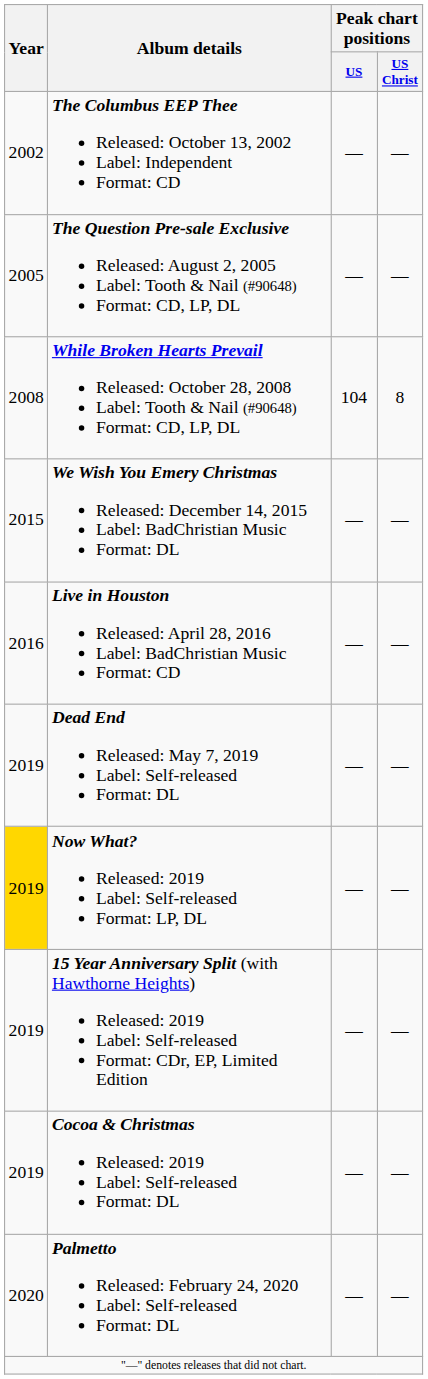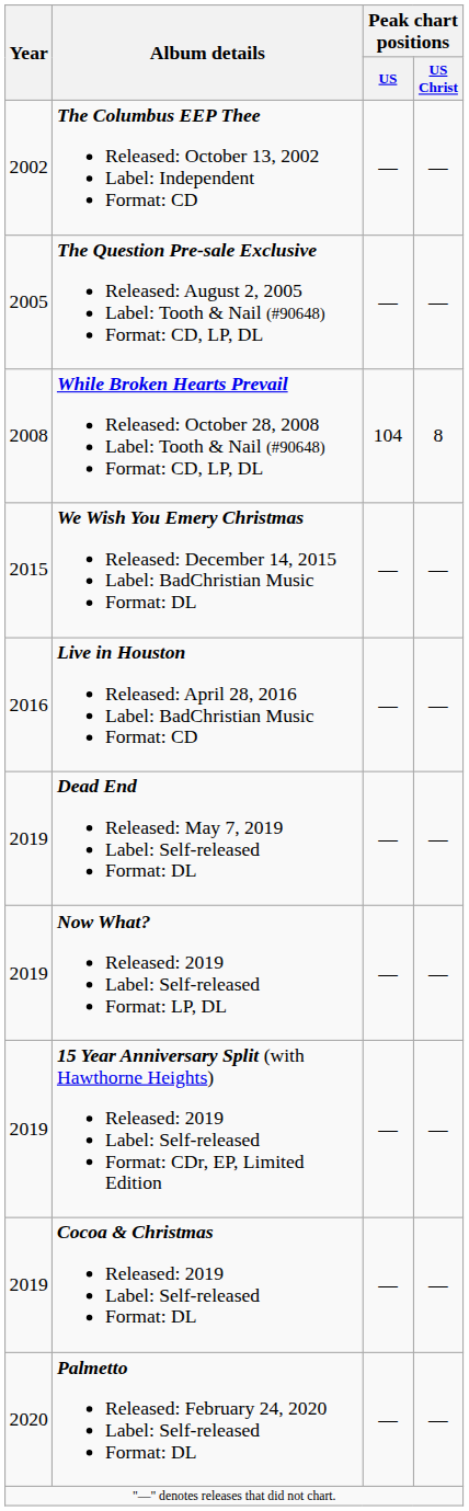 <table class="wikitable">
 <tr>
 <th rowspan="2">Year</th>
 <th rowspan="2" style="width:250px;">Album details</th>
 <th colspan="2">Peak chart positions</th>
 </tr>
 <tr>
 <th style="width:3em;font-size:75%"><a href='#'>US</a><br></th>
 <th style="width:3em;font-size:75%"><a href='#'>US Christ</a><br></th>
 </tr>
 <tr>
 <td style="text-align:center;">2002</td>
 <td><strong><em>The Columbus EEP Thee</em></strong><br><ul><li>Released: October 13, 2002</li><li>Label: Independent</li><li>Format: CD</li></ul></td>
 <td style="text-align:center;">—</td>
 <td style="text-align:center;">—</td>
 </tr>
 <tr>
 <td style="text-align:center;">2005</td>
 <td><strong><em>The Question Pre-sale Exclusive</em></strong><br><ul><li>Released: August 2, 2005</li><li>Label: Tooth & Nail <small>(#90648)</small></li><li>Format: CD, LP, DL</li></ul></td>
 <td style="text-align:center;">—</td>
 <td style="text-align:center;">—</td>
 </tr>
 <tr>
 <td style="text-align:center;">2008</td>
 <td><strong><em><a href='#'>While Broken Hearts Prevail</a></em></strong><br><ul><li>Released: October 28, 2008</li><li>Label: Tooth & Nail <small>(#90648)</small></li><li>Format: CD, LP, DL</li></ul></td>
 <td style="text-align:center;">104</td>
 <td style="text-align:center;">8</td>
 </tr>
 <tr>
 <td style="text-align:center;">2015</td>
 <td><strong><em>We Wish You Emery Christmas</em></strong><br><ul><li>Released: December 14, 2015</li><li>Label: BadChristian Music</li><li>Format: DL</li></ul></td>
 <td style="text-align:center;">—</td>
 <td style="text-align:center;">—</td>
 </tr>
 <tr>
 <td style="text-align:center;">2016</td>
 <td><strong><em>Live in Houston</em></strong><br><ul><li>Released: April 28, 2016</li><li>Label: BadChristian Music</li><li>Format: CD</li></ul></td>
 <td style="text-align:center;">—</td>
 <td style="text-align:center;">—</td>
 </tr>
 <tr>
 <td style="text-align:center;">2019</td>
 <td><strong><em>Dead End</em></strong><br><ul><li>Released: May 7, 2019</li><li>Label: Self-released</li><li>Format: DL</li></ul></td>
 <td style="text-align:center;">—</td>
 <td style="text-align:center;">—</td>
 </tr>
 <tr>
-<td style="background: gold; text-align:center;">2019</td>
+<td style="text-align:center;">2019</td>
 <td><strong><em>Now What?</em></strong><br><ul><li>Released: 2019</li><li>Label: Self-released</li><li>Format: LP, DL</li></ul></td>
 <td style="text-align:center;">—</td>
 <td style="text-align:center;">—</td>
 </tr>
 <tr>
 <td style="text-align:center;">2019</td>
 <td><strong><em>15 Year Anniversary Split</em></strong> (with <a href='#'>Hawthorne Heights</a>)<br><ul><li>Released: 2019</li><li>Label: Self-released</li><li>Format: CDr, EP, Limited Edition</li></ul></td>
 <td style="text-align:center;">—</td>
 <td style="text-align:center;">—</td>
 </tr>
 <tr>
 <td style="text-align:center;">2019</td>
 <td><strong><em>Cocoa & Christmas</em></strong><br><ul><li>Released: 2019</li><li>Label: Self-released</li><li>Format: DL</li></ul></td>
 <td style="text-align:center;">—</td>
 <td style="text-align:center;">—</td>
 </tr>
 <tr>
 <td style="text-align:center;">2020</td>
 <td><strong><em>Palmetto</em></strong><br><ul><li>Released: February 24, 2020</li><li>Label: Self-released</li><li>Format: DL</li></ul></td>
 <td style="text-align:center;">—</td>
 <td style="text-align:center;">—</td>
 </tr>
 <tr>
 <td colspan="6" style="text-align:center; font-size:8pt;">"—" denotes releases that did not chart.</td>
 </tr>
 </table>
